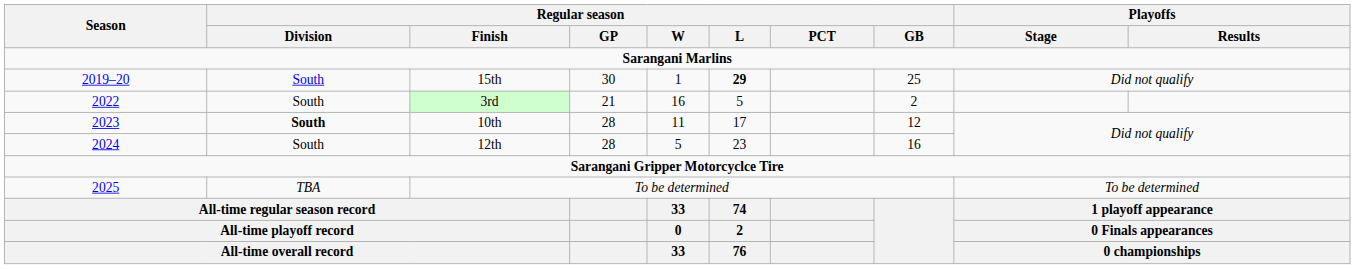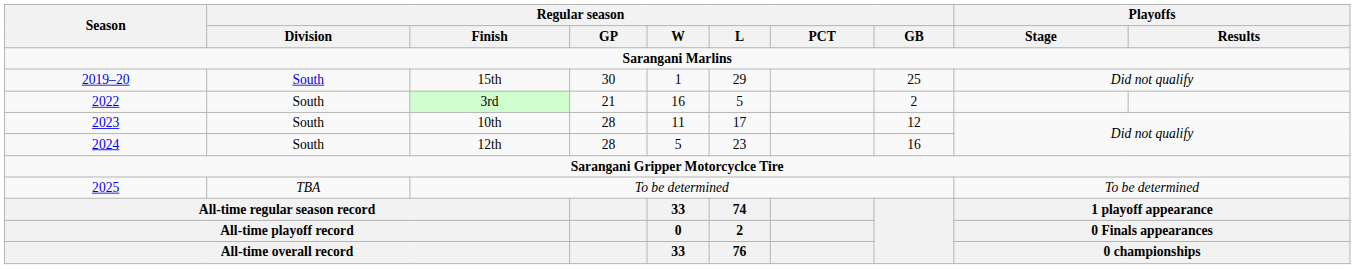 <table class=wikitable style="width:100%; text-align:center">
 <tr>
 <th rowspan=2>Season</th>
 <th colspan=7>Regular season</th>
 <th colspan=2>Playoffs</th>
 </tr>
 <tr>
 <th>Division</th>
 <th>Finish</th>
 <th>GP</th>
 <th>W</th>
 <th>L</th>
 <th>PCT</th>
 <th>GB</th>
 <th>Stage</th>
 <th>Results</th>
 </tr>
 <tr>
 <td colspan=10><span><strong>Sarangani Marlins</strong></span></td>
 </tr>
 <tr>
 <td><a href='#'>2019–20</a> <br> </td>
 <td><a href='#'>South</a></td>
 <td>15th</td>
 <td>30</td>
 <td>1</td>
-<td><strong>29</strong></td>
+<td>29</td>
 <td></td>
 <td>25</td>
 <td colspan="2"><em>Did not qualify</em></td>
 </tr>
 <tr>
 <td><a href='#'>2022</a></td>
 <td>South</td>
 <td bgcolor="#CFFFCF">3rd</td>
 <td>21</td>
 <td>16</td>
 <td>5</td>
 <td></td>
 <td>2</td>
 <td></td>
 <td></td>
 </tr>
 <tr>
 <td><a href='#'>2023</a></td>
-<td><strong>South</strong></td>
+<td>South</td>
 <td>10th</td>
 <td>28</td>
 <td>11</td>
 <td>17</td>
 <td></td>
 <td>12</td>
 <td rowspan="2" colspan="2"><em>Did not qualify</em></td>
 </tr>
 <tr>
 <td><a href='#'>2024</a></td>
 <td>South</td>
 <td>12th</td>
 <td>28</td>
 <td>5</td>
 <td>23</td>
 <td></td>
 <td>16</td>
 </tr>
 <tr>
 <td colspan=10><span><strong>Sarangani Gripper Motorcyclce Tire</strong></span></td>
 </tr>
 <tr>
 <td><a href='#'>2025</a></td>
 <td><em>TBA</em></td>
 <td colspan=6><em>To be determined</em></td>
 <td colspan=2><em>To be determined</em></td>
 </tr>
 <tr>
 <th colspan=3>All-time regular season record</th>
 <th></th>
 <th>33</th>
 <th>74</th>
 <th></th>
 <th rowspan=3></th>
 <th colspan=2>1 playoff appearance</th>
 </tr>
 <tr>
 <th colspan=3>All-time playoff record</th>
 <th></th>
 <th>0</th>
 <th>2</th>
 <th></th>
 <th colspan=2>0 Finals appearances</th>
 </tr>
 <tr>
 <th colspan=3>All-time overall record</th>
 <th></th>
 <th>33</th>
 <th>76</th>
 <th></th>
 <th colspan=2>0 championships</th>
 </tr>
 </table>
